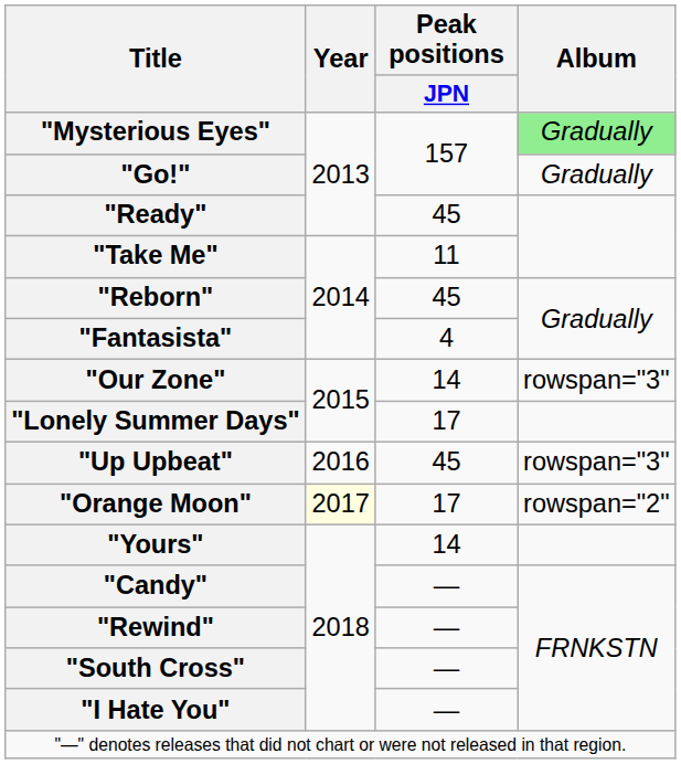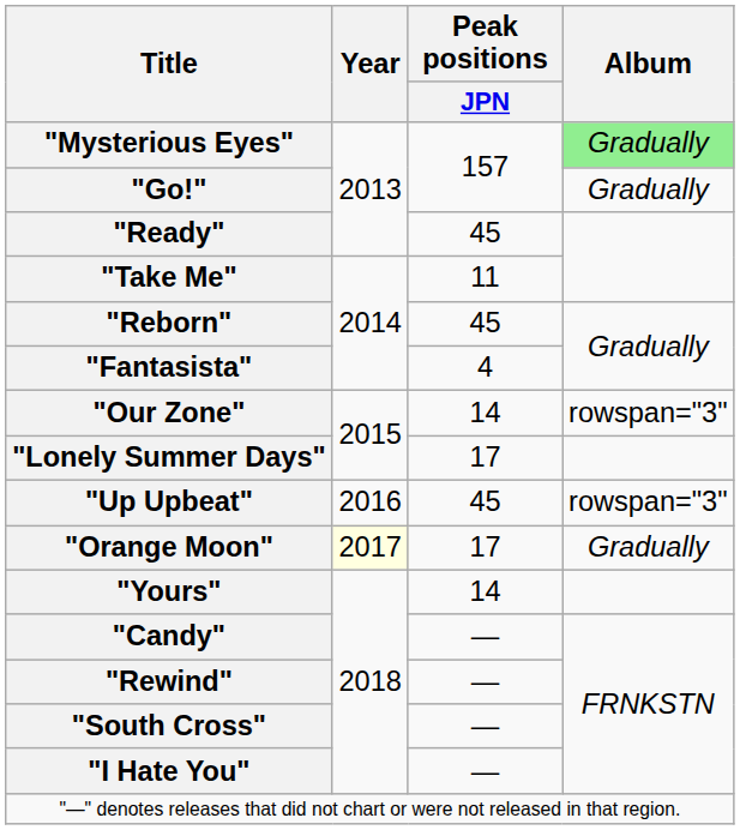 <table class="wikitable plainrowheaders" style="text-align:center;">
 <tr>
 <th scope="col" rowspan="2">Title</th>
 <th scope="col" rowspan="2">Year</th>
 <th scope="col" colspan="1" style="width:5em;">Peak positions</th>
 <th scope="col" rowspan="2">Album</th>
 </tr>
 <tr>
 <th scope="col" style="width:3em;font-size:90%;"><a href='#'>JPN</a><br></th>
 </tr>
 <tr>
 <th scope="row">"Mysterious Eyes"</th>
 <td rowspan="3">2013</td>
 <td rowspan="2">157</td>
 <td style="background: lightgreen;"><em>Gradually</em></td>
 </tr>
 <tr>
 <th scope="row">"Go!"</th>
 <td><em>Gradually</em></td>
 </tr>
 <tr>
 <th scope="row">"Ready"</th>
 <td>45</td>
 </tr>
 <tr>
 <th scope="row">"Take Me"</th>
 <td rowspan="3">2014</td>
 <td>11</td>
 </tr>
 <tr>
 <th scope="row">"Reborn"</th>
 <td>45</td>
 <td rowspan="2"><em>Gradually</em></td>
 </tr>
 <tr>
 <th scope="row">"Fantasista"</th>
 <td>4</td>
 </tr>
 <tr>
 <th scope="row">"Our Zone"</th>
 <td rowspan="2">2015</td>
 <td>14</td>
 <td>rowspan="3" </td>
 </tr>
 <tr>
 <th scope="row">"Lonely Summer Days"</th>
 <td>17</td>
 </tr>
 <tr>
 <th scope="row">"Up Upbeat"</th>
 <td>2016</td>
 <td>45</td>
 <td>rowspan="3" </td>
 </tr>
 <tr>
 <th scope="row">"Orange Moon"</th>
 <td style="background: lightyellow;">2017</td>
 <td>17</td>
-<td>rowspan="2" </td>
+<td><em>Gradually</em></td>
 </tr>
 <tr>
 <th scope="row">"Yours"</th>
 <td rowspan="5">2018</td>
 <td>14</td>
 </tr>
 <tr>
 <th scope="row">"Candy"</th>
 <td>—</td>
 <td rowspan="4"><em>FRNKSTN</em></td>
 </tr>
 <tr>
 <th scope="row">"Rewind"</th>
 <td>—</td>
 </tr>
 <tr>
 <th scope="row">"South Cross"</th>
 <td>—</td>
 </tr>
 <tr>
 <th scope="row">"I Hate You"</th>
 <td>—</td>
 </tr>
 <tr>
 <td colspan="7" style="font-size:8pt">"—" denotes releases that did not chart or were not released in that region.</td>
 </tr>
 </table>
